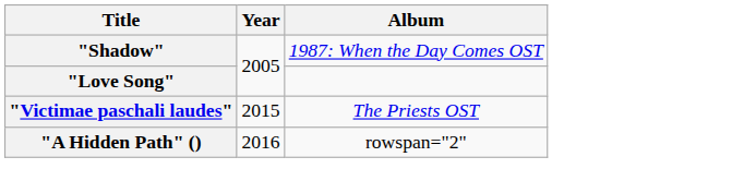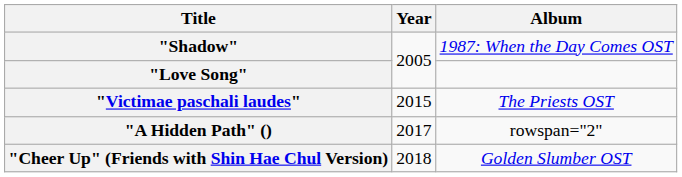 <table class="wikitable plainrowheaders" style="text-align:center;">
 <tr>
 <th scope="col" rowspan="1">Title</th>
 <th scope="col" rowspan="1">Year</th>
 <th scope="col" rowspan="1">Album</th>
 </tr>
 <tr>
 <th scope="row">"Shadow" </th>
 <td rowspan="2">2005</td>
 <td><em><a href='#'>1987: When the Day Comes OST</a></em></td>
 </tr>
 <tr>
 <th scope="row">"Love Song" </th>
 </tr>
 <tr>
 <th scope="row">"<a href='#'>Victimae paschali laudes</a>" </th>
 <td>2015</td>
 <td><em><a href='#'>The Priests OST</a></em></td>
 </tr>
 <tr>
 <th scope="row">"A Hidden Path" () </th>
-<td>2016</td>
+<td>2017</td>
 <td>rowspan="2" </td>
 </tr>
+<tr>
+<th scope="row">"Cheer Up" (Friends with <a href='#'>Shin Hae Chul</a> Version)<br></th>
+<td>2018</td>
+<td><em><a href='#'>Golden Slumber OST</a></em></td>
+</tr>
 </table>
